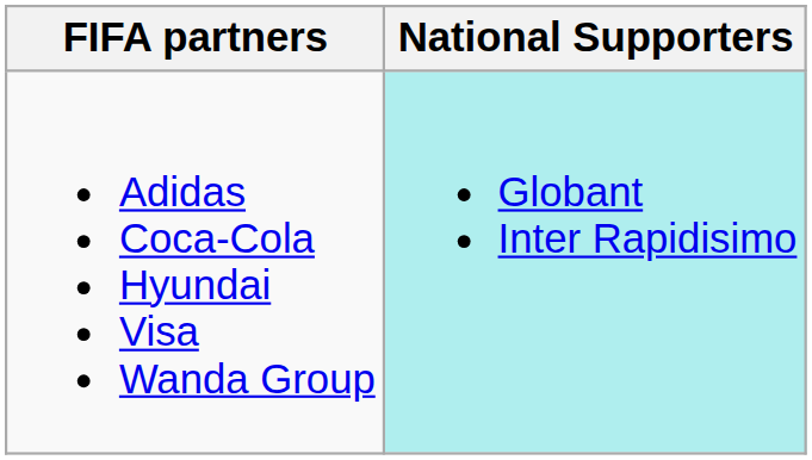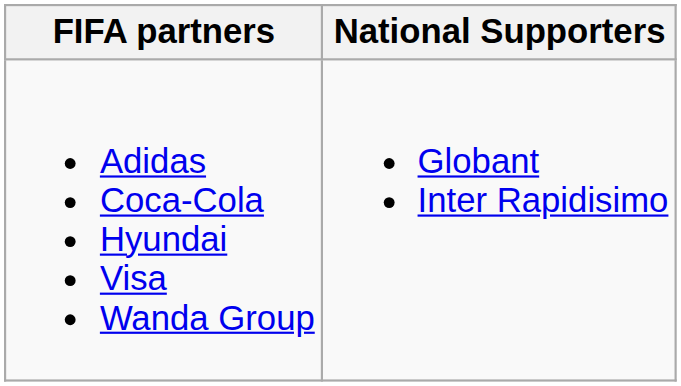 <table class="wikitable sortable">
 <tr>
 <th>FIFA partners</th>
 <th>National Supporters</th>
 </tr>
 <tr>
 <td style="vertical-align:top"><br><ul><li><a href='#'>Adidas</a></li><li><a href='#'>Coca-Cola</a></li><li><a href='#'>Hyundai</a></li><li><a href='#'>Visa</a></li><li><a href='#'>Wanda Group</a></li></ul></td>
-<td style="background: paleturquoise; vertical-align:top;"><br><ul><li><a href='#'>Globant</a></li><li><a href='#'>Inter Rapidisimo</a></li></ul></td>
+<td style="vertical-align:top;"><br><ul><li><a href='#'>Globant</a></li><li><a href='#'>Inter Rapidisimo</a></li></ul></td>
 </tr>
 </table>
